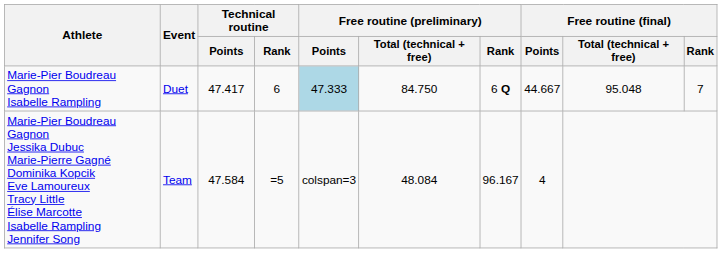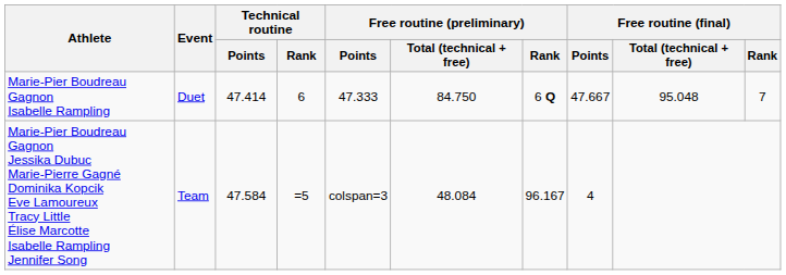 <table class="wikitable" style="font-size:90%">
 <tr>
 <th rowspan="2">Athlete</th>
 <th rowspan="2">Event</th>
 <th colspan=2>Technical routine</th>
 <th colspan=3>Free routine (preliminary)</th>
 <th colspan=3>Free routine (final)</th>
 </tr>
 <tr style="font-size:95%">
 <th>Points</th>
 <th>Rank</th>
 <th>Points</th>
 <th>Total (technical + free)</th>
 <th>Rank</th>
 <th>Points</th>
 <th>Total (technical + free)</th>
 <th>Rank</th>
 </tr>
 <tr align=center>
 <td align=left><a href='#'>Marie-Pier Boudreau Gagnon</a><br><a href='#'>Isabelle Rampling</a></td>
 <td align=left><a href='#'>Duet</a></td>
-<td>47.417</td>
+<td>47.414</td>
 <td>6</td>
-<td style="background: lightblue;">47.333</td>
+<td>47.333</td>
 <td>84.750</td>
 <td>6 <strong>Q</strong></td>
-<td>44.667</td>
+<td>47.667</td>
 <td>95.048</td>
 <td>7</td>
 </tr>
 <tr align=center>
 <td align=left><a href='#'>Marie-Pier Boudreau Gagnon</a><br><a href='#'>Jessika Dubuc</a><br><a href='#'>Marie-Pierre Gagné</a><br><a href='#'>Dominika Kopcik</a><br><a href='#'>Eve Lamoureux</a><br><a href='#'>Tracy Little</a><br><a href='#'>Élise Marcotte</a><br><a href='#'>Isabelle Rampling</a><br><a href='#'>Jennifer Song</a></td>
 <td align=left><a href='#'>Team</a></td>
 <td>47.584</td>
 <td>=5</td>
 <td>colspan=3 </td>
 <td>48.084</td>
 <td>96.167</td>
 <td>4</td>
 </tr>
 </table>
